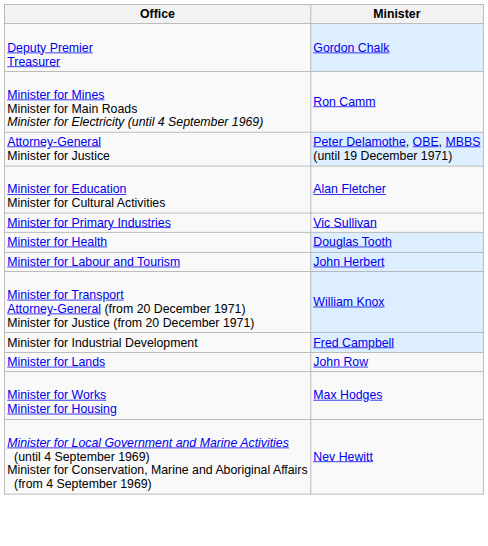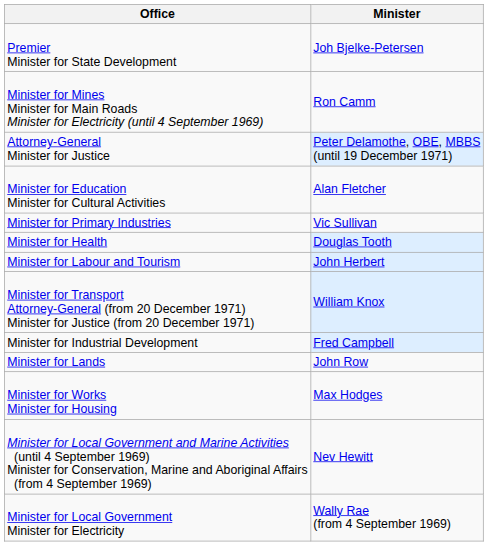 <table class="wikitable">
 <tr>
 <th>Office</th>
 <th>Minister</th>
 </tr>
 <tr>
-<td><br><a href='#'>Deputy Premier</a><br> <a href='#'>Treasurer</a><br></td>
-<td style="background:#DDEEFF"><a href='#'>Gordon Chalk</a></td>
+<td><br><a href='#'>Premier</a><br> Minister for State Development</td>
+<td><a href='#'>Joh Bjelke-Petersen</a></td>
 </tr>
 <tr>
 <td><br><a href='#'>Minister for Mines</a><br> Minister for Main Roads<br> <em>Minister for Electricity (until 4 September 1969)</em></td>
 <td><a href='#'>Ron Camm</a></td>
 </tr>
 <tr>
 <td><a href='#'>Attorney-General</a><br>Minister for Justice</td>
 <td style="background:#DDEEFF"><a href='#'>Peter Delamothe</a>, <a href='#'>OBE</a>, <a href='#'>MBBS</a><br>(until 19 December 1971)</td>
 </tr>
 <tr>
 <td><br><a href='#'>Minister for Education</a><br> Minister for Cultural Activities</td>
 <td><a href='#'>Alan Fletcher</a></td>
 </tr>
 <tr>
 <td><a href='#'>Minister for Primary Industries</a></td>
 <td><a href='#'>Vic Sullivan</a></td>
 </tr>
 <tr>
 <td><a href='#'>Minister for Health</a><br></td>
 <td style="background:#DDEEFF"><a href='#'>Douglas Tooth</a></td>
 </tr>
 <tr>
 <td><a href='#'>Minister for Labour and Tourism</a><br></td>
 <td style="background:#DDEEFF"><a href='#'>John Herbert</a></td>
 </tr>
 <tr>
 <td><br><a href='#'>Minister for Transport</a><br> <a href='#'>Attorney-General</a> (from 20 December 1971)<br> Minister for Justice (from 20 December 1971)</td>
 <td style="background:#DDEEFF"><a href='#'>William Knox</a></td>
 </tr>
 <tr>
 <td>Minister for Industrial Development</td>
 <td style="background:#DDEEFF"><a href='#'>Fred Campbell</a></td>
 </tr>
 <tr>
 <td><a href='#'>Minister for Lands</a></td>
 <td><a href='#'>John Row</a></td>
 </tr>
 <tr>
 <td><br><a href='#'>Minister for Works</a><br> <a href='#'>Minister for Housing</a><br></td>
 <td><a href='#'>Max Hodges</a></td>
 </tr>
 <tr>
 <td><br><em><a href='#'>Minister for Local Government and Marine Activities</a></em><br>  (until 4 September 1969)<br> Minister for Conservation, Marine and Aboriginal Affairs<br>  (from 4 September 1969)</td>
 <td><a href='#'>Nev Hewitt</a></td>
 </tr>
+<tr>
+<td><br><a href='#'>Minister for Local Government</a><br> Minister for Electricity</td>
+<td><a href='#'>Wally Rae</a><br>(from 4 September 1969)</td>
+</tr>
 </table>
